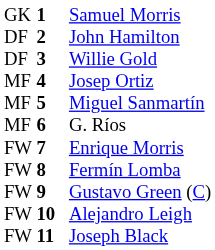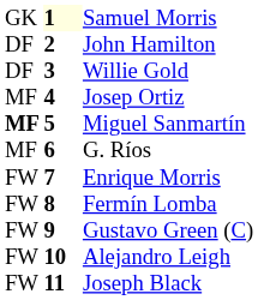 <table style="font-size:90%; margin:0.2em auto;" cellspacing="0" cellpadding="0">
 <tr>
 <th width="25"></th>
 <th width="25"></th>
 </tr>
 <tr>
 <td>GK</td>
-<td><strong>1</strong></td>
+<td style="background: lightyellow;"><strong>1</strong></td>
 <td> <a href='#'>Samuel Morris</a></td>
 </tr>
 <tr>
 <td>DF</td>
 <td><strong>2</strong></td>
 <td> <a href='#'>John Hamilton</a></td>
 </tr>
 <tr>
 <td>DF</td>
 <td><strong>3</strong></td>
 <td> <a href='#'>Willie Gold</a></td>
 </tr>
 <tr>
 <td>MF</td>
 <td><strong>4</strong></td>
 <td> <a href='#'>Josep Ortiz</a></td>
 </tr>
 <tr>
-<td>MF</td>
+<td><strong>MF</strong></td>
 <td><strong>5</strong></td>
 <td> <a href='#'>Miguel Sanmartín</a></td>
 </tr>
 <tr>
 <td>MF</td>
 <td><strong>6</strong></td>
 <td> G. Ríos</td>
 </tr>
 <tr>
 <td>FW</td>
 <td><strong>7</strong></td>
 <td> <a href='#'>Enrique Morris</a></td>
 </tr>
 <tr>
 <td>FW</td>
 <td><strong>8</strong></td>
 <td> <a href='#'>Fermín Lomba</a></td>
 </tr>
 <tr>
 <td>FW</td>
 <td><strong>9</strong></td>
 <td> <a href='#'>Gustavo Green</a> (<a href='#'>C</a>)</td>
 </tr>
 <tr>
 <td>FW</td>
 <td><strong>10</strong></td>
 <td> <a href='#'>Alejandro Leigh</a></td>
 </tr>
 <tr>
 <td>FW</td>
 <td><strong>11</strong></td>
 <td> <a href='#'>Joseph Black</a></td>
 </tr>
 <tr>
 </tr>
 </table>
